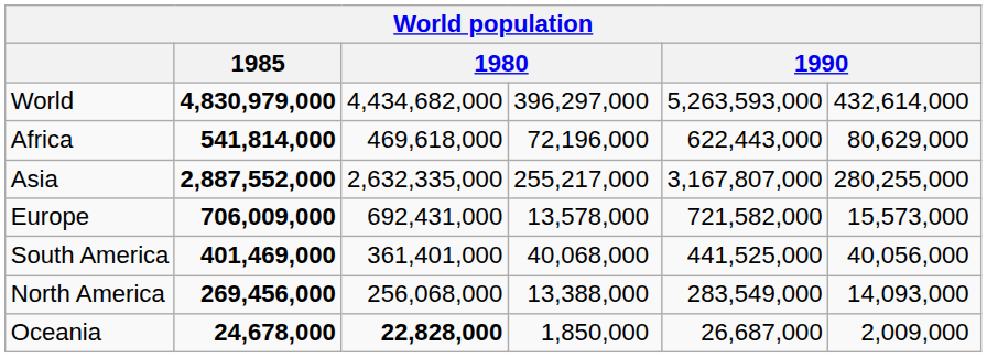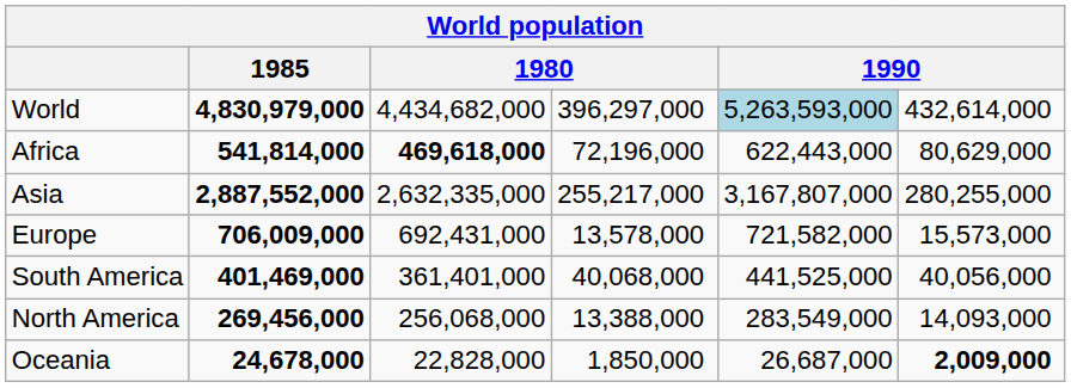 <table class="wikitable">
 <tr>
 <th colspan=7><a href='#'>World population</a></th>
 </tr>
 <tr>
 <th></th>
 <th>1985</th>
 <th colspan="2"><a href='#'>1980</a></th>
 <th colspan="2"><a href='#'>1990</a></th>
 </tr>
 <tr>
 <td align="left"> World</td>
 <td align="right"><strong>4,830,979,000</strong></td>
 <td align="right">4,434,682,000</td>
 <td align="right">396,297,000 </td>
-<td align="right">5,263,593,000</td>
+<td align="right" style="background: lightblue;">5,263,593,000</td>
 <td align="right">432,614,000 </td>
 </tr>
 <tr>
 <td align="left"> Africa</td>
 <td align="right"><strong>541,814,000</strong></td>
-<td align="right">469,618,000</td>
+<td align="right"><strong>469,618,000</strong></td>
 <td align="right">72,196,000 </td>
 <td align="right">622,443,000</td>
 <td align="right">80,629,000 </td>
 </tr>
 <tr>
 <td align="left"> Asia</td>
 <td align="right"><strong>2,887,552,000</strong></td>
 <td align="right">2,632,335,000</td>
 <td align="right">255,217,000 </td>
 <td align="right">3,167,807,000</td>
 <td align="right">280,255,000 </td>
 </tr>
 <tr>
 <td align="left"> Europe</td>
 <td align="right"><strong>706,009,000</strong></td>
 <td align="right">692,431,000</td>
 <td align="right">13,578,000 </td>
 <td align="right">721,582,000</td>
 <td align="right">15,573,000 </td>
 </tr>
 <tr>
 <td align="left"> South America</td>
 <td align="right"><strong>401,469,000</strong></td>
 <td align="right">361,401,000</td>
 <td align="right">40,068,000 </td>
 <td align="right">441,525,000</td>
 <td align="right">40,056,000 </td>
 </tr>
 <tr>
 <td align="left"> North America</td>
 <td align="right"><strong>269,456,000</strong></td>
 <td align="right">256,068,000</td>
 <td align="right">13,388,000 </td>
 <td align="right">283,549,000</td>
 <td align="right">14,093,000 </td>
 </tr>
 <tr>
 <td align="left"> Oceania</td>
 <td align="right"><strong>24,678,000</strong></td>
-<td align="right"><strong>22,828,000</strong></td>
+<td align="right">22,828,000</td>
 <td align="right">1,850,000 </td>
 <td align="right">26,687,000</td>
-<td align="right">2,009,000 </td>
+<td align="right"><strong>2,009,000 </strong></td>
 </tr>
 </table>
